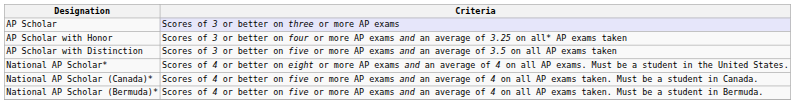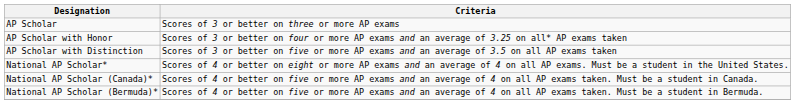 <table class="wikitable" style="font-size: 95%;">
 <tr>
 <th>Designation</th>
 <th>Criteria</th>
 </tr>
 <tr>
 <td>AP Scholar</td>
-<td style="background: lavender;">Scores of <em>3</em> or better on <em>three</em> or more AP exams</td>
+<td>Scores of <em>3</em> or better on <em>three</em> or more AP exams</td>
 </tr>
 <tr>
 <td>AP Scholar with Honor</td>
 <td>Scores of <em>3</em> or better on <em>four</em> or more AP exams <em>and</em> an average of <em>3.25</em> on all* AP exams taken</td>
 </tr>
 <tr>
 <td>AP Scholar with Distinction</td>
 <td>Scores of <em>3</em> or better on <em>five</em> or more AP exams <em>and</em> an average of <em>3.5</em> on all AP exams taken</td>
 </tr>
 <tr>
 <td>National AP Scholar*</td>
 <td>Scores of <em>4</em> or better on <em>eight</em> or more AP exams <em>and</em> an average of <em>4</em> on all AP exams. Must be a student in the United States.</td>
 </tr>
 <tr>
 <td>National AP Scholar (Canada)*</td>
 <td>Scores of <em>4</em> or better on <em>five</em> or more AP exams <em>and</em> an average of <em>4</em> on all AP exams taken. Must be a student in Canada.</td>
 </tr>
 <tr>
 <td>National AP Scholar (Bermuda)*</td>
 <td>Scores of <em>4</em> or better on <em>five</em> or more AP exams <em>and</em> an average of <em>4</em> on all AP exams taken. Must be a student in Bermuda.</td>
 </tr>
 <tr>
 </tr>
 <tr>
 </tr>
 </table>
